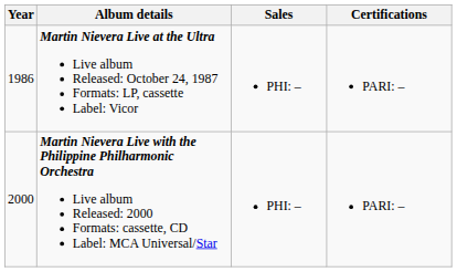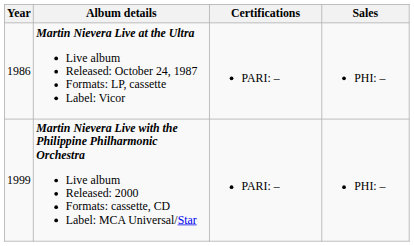 <table class="wikitable">
 <tr>
 <th>Year</th>
 <th width=230>Album details</th>
+<th width=145>Certifications</th>
 <th width=110>Sales</th>
-<th width=145>Certifications</th>
 </tr>
 <tr>
 <td align="center">1986</td>
 <td><strong><em>Martin Nievera Live at the Ultra</em></strong><br><ul><li>Live album</li><li>Released: October 24, 1987</li><li>Formats: LP, cassette</li><li>Label: Vicor</li></ul></td>
+<td><br><ul><li>PARI: –</li></ul></td>
 <td><br><ul><li>PHI: –</li></ul></td>
-<td><br><ul><li>PARI: –</li></ul></td>
 </tr>
 <tr>
-<td align="center">2000</td>
+<td align="center">1999</td>
 <td><strong><em>Martin Nievera Live with the Philippine Philharmonic Orchestra</em></strong><br><ul><li>Live album</li><li>Released: 2000</li><li>Formats: cassette, CD</li><li>Label: MCA Universal/<a href='#'>Star</a></li></ul></td>
+<td><br><ul><li>PARI: –</li></ul></td>
 <td><br><ul><li>PHI: –</li></ul></td>
-<td><br><ul><li>PARI: –</li></ul></td>
 </tr>
 </table>
